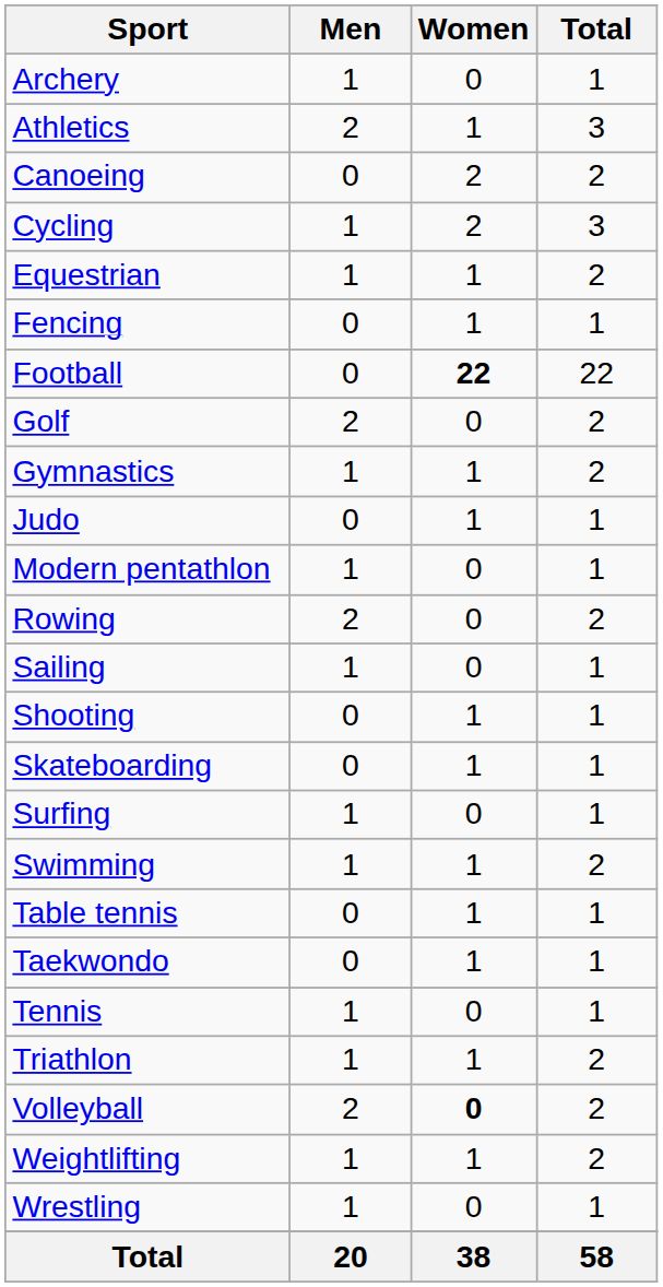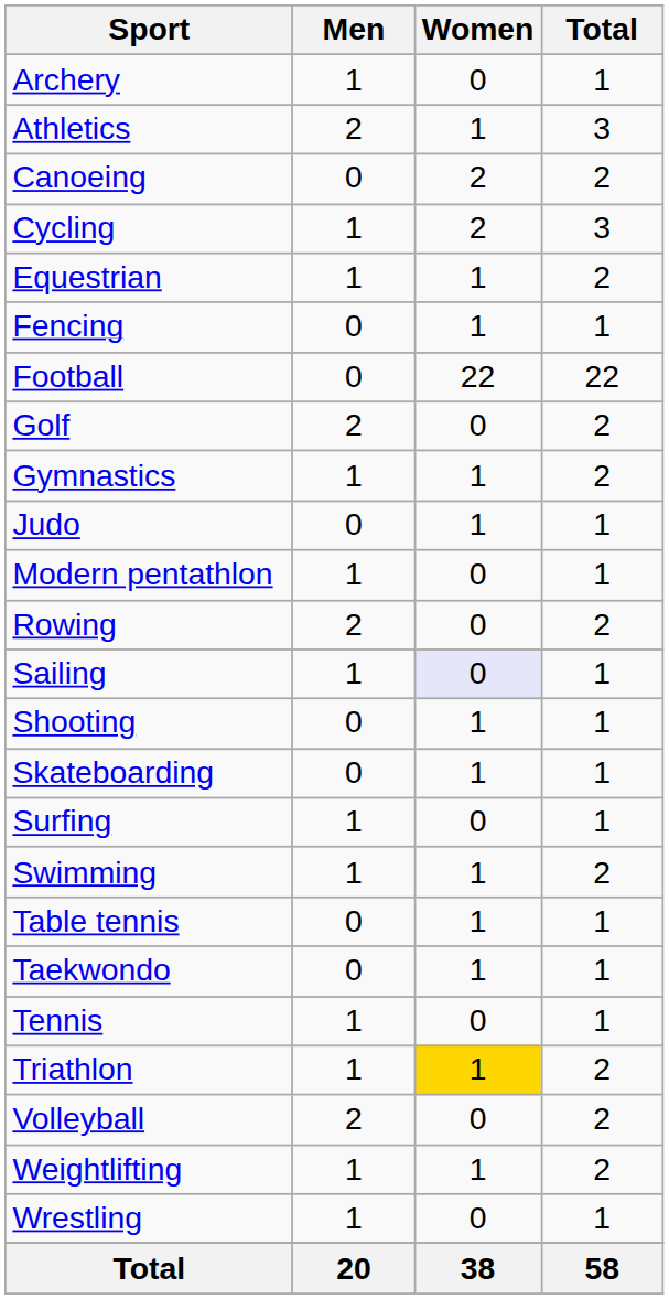 <table class="wikitable sortable" style="text-align:center;">
 <tr>
 <th width=140>Sport</th>
 <th width=55>Men</th>
 <th width=55>Women</th>
 <th width=55>Total</th>
 </tr>
 <tr>
 <td align=left><a href='#'>Archery</a></td>
 <td>1</td>
 <td>0</td>
 <td>1</td>
 </tr>
 <tr>
 <td align=left><a href='#'>Athletics</a></td>
 <td>2</td>
 <td>1</td>
 <td>3</td>
 </tr>
 <tr>
 <td align=left><a href='#'>Canoeing</a></td>
 <td>0</td>
 <td>2</td>
 <td>2</td>
 </tr>
 <tr>
 <td align=left><a href='#'>Cycling</a></td>
 <td>1</td>
 <td>2</td>
 <td>3</td>
 </tr>
 <tr>
 <td align=left><a href='#'>Equestrian</a></td>
 <td>1</td>
 <td>1</td>
 <td>2</td>
 </tr>
 <tr>
 <td align=left><a href='#'>Fencing</a></td>
 <td>0</td>
 <td>1</td>
 <td>1</td>
 </tr>
 <tr>
 <td align=left><a href='#'>Football</a></td>
 <td>0</td>
-<td><strong>22</strong></td>
+<td>22</td>
 <td>22</td>
 </tr>
 <tr>
 <td align=left><a href='#'>Golf</a></td>
 <td>2</td>
 <td>0</td>
 <td>2</td>
 </tr>
 <tr>
 <td align=left><a href='#'>Gymnastics</a></td>
 <td>1</td>
 <td>1</td>
 <td>2</td>
 </tr>
 <tr>
 <td align=left><a href='#'>Judo</a></td>
 <td>0</td>
 <td>1</td>
 <td>1</td>
 </tr>
 <tr>
 <td align=left><a href='#'>Modern pentathlon</a></td>
 <td>1</td>
 <td>0</td>
 <td>1</td>
 </tr>
 <tr>
 <td align=left><a href='#'>Rowing</a></td>
 <td>2</td>
 <td>0</td>
 <td>2</td>
 </tr>
 <tr>
 <td align=left><a href='#'>Sailing</a></td>
 <td>1</td>
-<td>0</td>
+<td style="background: lavender;">0</td>
 <td>1</td>
 </tr>
 <tr>
 <td align=left><a href='#'>Shooting</a></td>
 <td>0</td>
 <td>1</td>
 <td>1</td>
 </tr>
 <tr>
 <td align=left><a href='#'>Skateboarding</a></td>
 <td>0</td>
 <td>1</td>
 <td>1</td>
 </tr>
 <tr>
 <td align=left><a href='#'>Surfing</a></td>
 <td>1</td>
 <td>0</td>
 <td>1</td>
 </tr>
 <tr>
 <td align=left><a href='#'>Swimming</a></td>
 <td>1</td>
 <td>1</td>
 <td>2</td>
 </tr>
 <tr>
 <td align=left><a href='#'>Table tennis</a></td>
 <td>0</td>
 <td>1</td>
 <td>1</td>
 </tr>
 <tr>
 <td align=left><a href='#'>Taekwondo</a></td>
 <td>0</td>
 <td>1</td>
 <td>1</td>
 </tr>
 <tr>
 <td align=left><a href='#'>Tennis</a></td>
 <td>1</td>
 <td>0</td>
 <td>1</td>
 </tr>
 <tr>
 <td align=left><a href='#'>Triathlon</a></td>
 <td>1</td>
-<td>1</td>
+<td style="background: gold;">1</td>
 <td>2</td>
 </tr>
 <tr>
 <td align=left><a href='#'>Volleyball</a></td>
 <td>2</td>
-<td><strong>0</strong></td>
+<td>0</td>
 <td>2</td>
 </tr>
 <tr>
 <td align=left><a href='#'>Weightlifting</a></td>
 <td>1</td>
 <td>1</td>
 <td>2</td>
 </tr>
 <tr>
 <td align=left><a href='#'>Wrestling</a></td>
 <td>1</td>
 <td>0</td>
 <td>1</td>
 </tr>
 <tr>
 </tr>
 <tr class="sortbottom">
 <th>Total</th>
 <th>20</th>
 <th>38</th>
 <th>58</th>
 </tr>
 </table>
